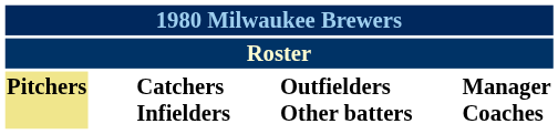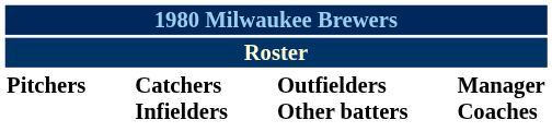 <table class="toccolours" style="font-size: 95%;">
 <tr>
 <th colspan="10" style="background-color: #00285D; color: #9ECEEE; text-align: center;">1980 Milwaukee Brewers</th>
 </tr>
 <tr>
 <td colspan="10" style="background-color: #003366; color: #FFFDD0; text-align: center;"><strong>Roster</strong></td>
 </tr>
 <tr>
-<td valign="top" style="background: khaki;"><strong>Pitchers</strong><br>              </td>
+<td valign="top"><strong>Pitchers</strong><br>              </td>
 <td width="25px"></td>
 <td valign="top"><strong>Catchers</strong><br>   <strong>Infielders</strong>       </td>
 <td width="25px"></td>
 <td valign="top"><strong>Outfielders</strong><br>       <strong>Other batters</strong> </td>
 <td width="25px"></td>
 <td valign="top"><strong>Manager</strong><br>  <strong>Coaches</strong>       </td>
 </tr>
 </table>
